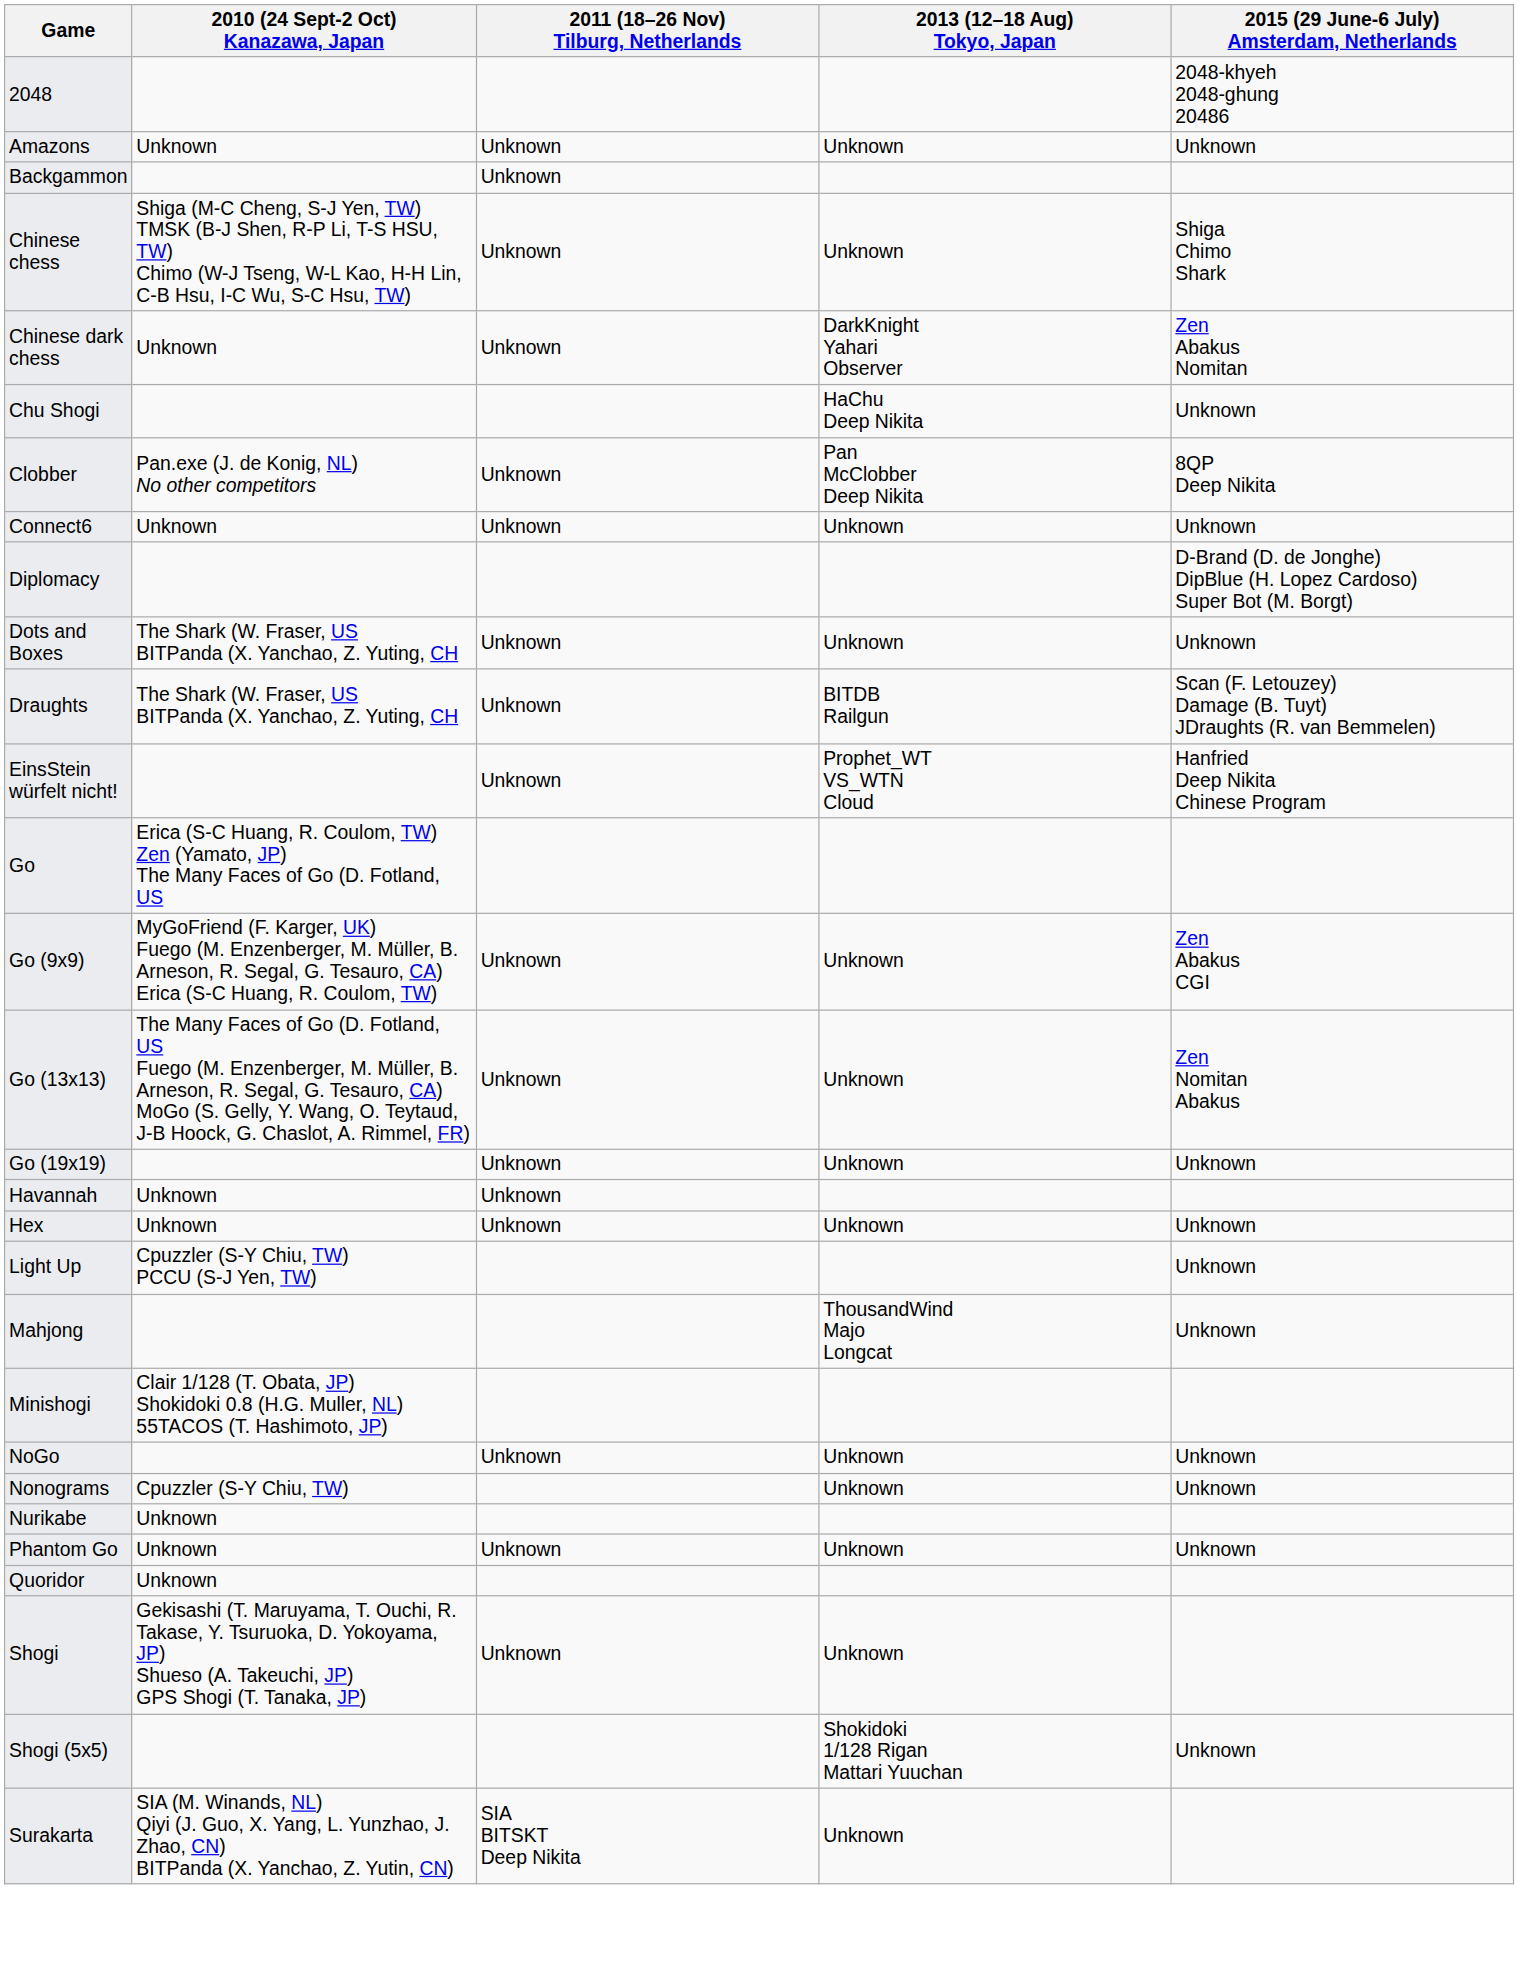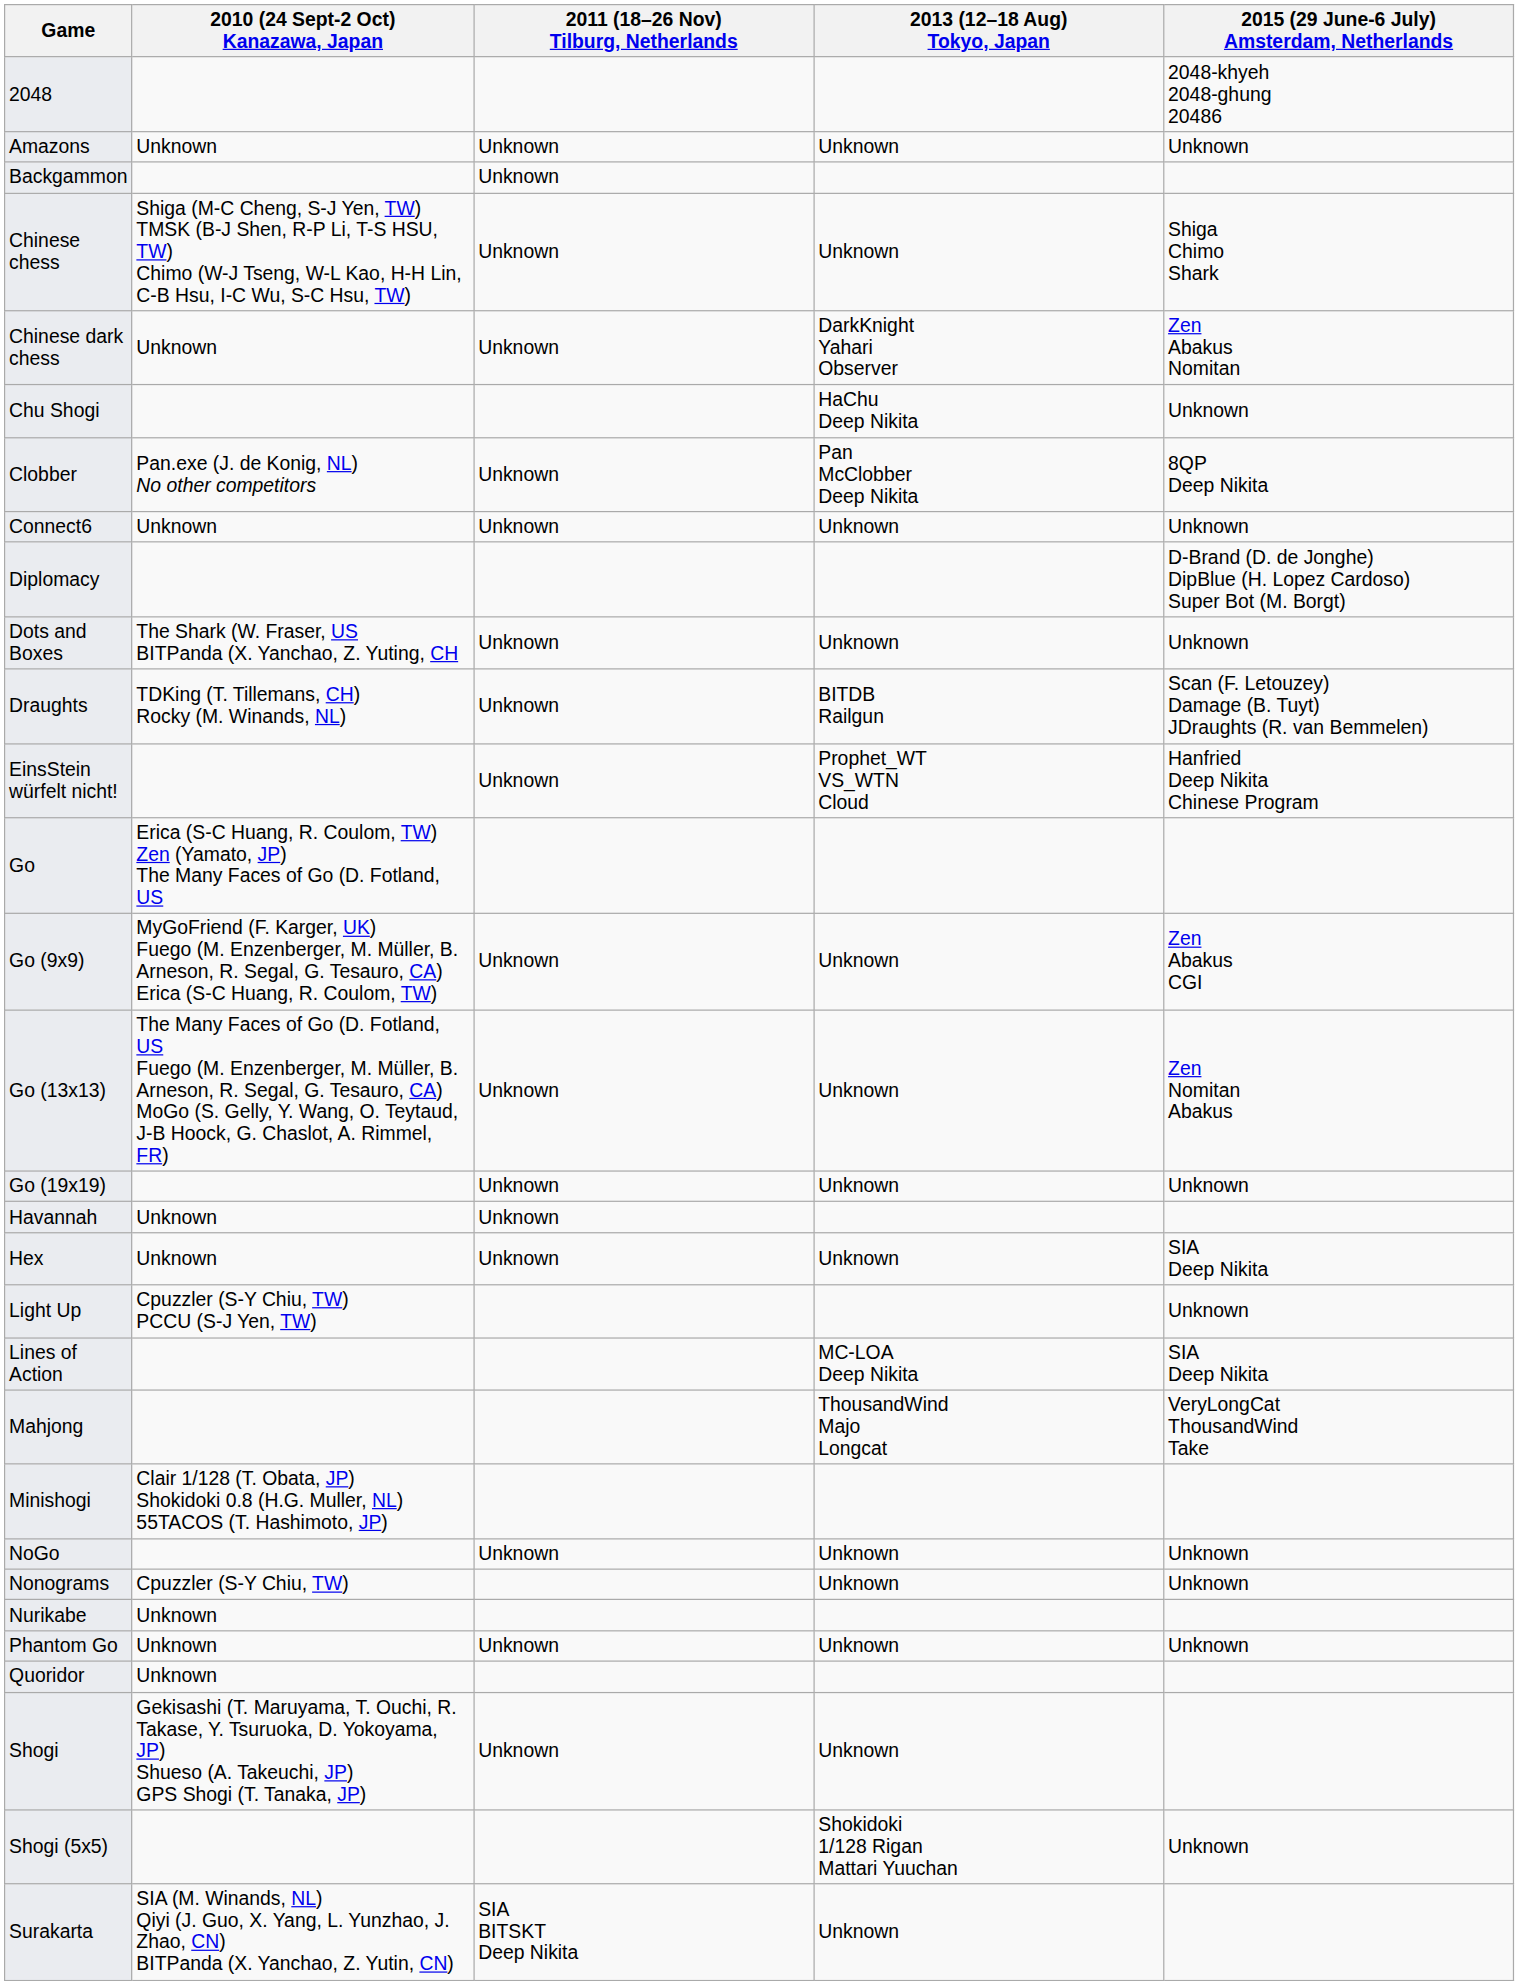 <table class="wikitable sortable">
 <tr>
 <th>Game</th>
 <th style=width:30em>2010 (24 Sept-2 Oct)<br><a href='#'>Kanazawa, Japan</a></th>
 <th style=width:30em>2011 (18–26 Nov)<br><a href='#'>Tilburg, Netherlands</a></th>
 <th style=width:30em>2013 (12–18 Aug)<br><a href='#'>Tokyo, Japan</a></th>
 <th style=width:30em>2015 (29 June-6 July)<br><a href='#'>Amsterdam, Netherlands</a></th>
 </tr>
 <tr>
 <td style="background:#EAECF0">2048</td>
 <td></td>
 <td></td>
 <td></td>
 <td> 2048-khyeh<br> 2048-ghung<br> 20486</td>
 </tr>
 <tr>
 <td style="background:#EAECF0">Amazons</td>
 <td>Unknown</td>
 <td>Unknown</td>
 <td>Unknown</td>
 <td>Unknown</td>
 </tr>
 <tr>
 <td style="background:#EAECF0">Backgammon</td>
 <td></td>
 <td>Unknown</td>
 <td></td>
 <td></td>
 </tr>
 <tr>
 <td style="background:#EAECF0">Chinese chess</td>
 <td> Shiga (M-C Cheng, S-J Yen, <a href='#'>TW</a>)<br> TMSK (B-J Shen, R-P Li, T-S HSU, <a href='#'>TW</a>)<br> Chimo (W-J Tseng, W-L Kao, H-H Lin, C-B Hsu, I-C Wu, S-C Hsu, <a href='#'>TW</a>)</td>
 <td>Unknown</td>
 <td>Unknown</td>
 <td> Shiga<br> Chimo<br> Shark</td>
 </tr>
 <tr>
 <td style="background:#EAECF0">Chinese dark chess</td>
 <td>Unknown</td>
 <td>Unknown</td>
 <td> DarkKnight<br> Yahari<br> Observer</td>
 <td> <a href='#'>Zen</a><br> Abakus<br> Nomitan</td>
 </tr>
 <tr>
 <td style="background:#EAECF0">Chu Shogi</td>
 <td></td>
 <td></td>
 <td> HaChu<br> Deep Nikita</td>
 <td>Unknown</td>
 </tr>
 <tr>
 <td style="background:#EAECF0">Clobber</td>
 <td> Pan.exe (J. de Konig, <a href='#'>NL</a>)<br><em>No other competitors</em></td>
 <td>Unknown</td>
 <td> Pan<br> McClobber<br> Deep Nikita</td>
 <td> 8QP<br> Deep Nikita</td>
 </tr>
 <tr>
 <td style="background:#EAECF0">Connect6</td>
 <td>Unknown</td>
 <td>Unknown</td>
 <td>Unknown</td>
 <td>Unknown</td>
 </tr>
 <tr>
 <td style="background:#EAECF0">Diplomacy</td>
 <td></td>
 <td></td>
 <td></td>
 <td> D-Brand (D. de Jonghe)<br> DipBlue (H. Lopez Cardoso)<br> Super Bot (M. Borgt)</td>
 </tr>
 <tr>
 <td style="background:#EAECF0">Dots and Boxes</td>
 <td> The Shark (W. Fraser, <a href='#'>US</a><br> BITPanda (X. Yanchao, Z. Yuting, <a href='#'>CH</a></td>
 <td>Unknown</td>
 <td>Unknown</td>
 <td>Unknown</td>
 </tr>
 <tr>
 <td style="background:#EAECF0">Draughts</td>
-<td> The Shark (W. Fraser, <a href='#'>US</a><br> BITPanda (X. Yanchao, Z. Yuting, <a href='#'>CH</a></td>
+<td> TDKing (T. Tillemans, <a href='#'>CH</a>)<br> Rocky (M. Winands, <a href='#'>NL</a>)</td>
 <td>Unknown</td>
 <td> BITDB<br> Railgun</td>
 <td> Scan (F. Letouzey)<br> Damage (B. Tuyt)<br> JDraughts (R. van Bemmelen)</td>
 </tr>
 <tr>
 <td style="background:#EAECF0">EinsStein würfelt nicht!</td>
 <td></td>
 <td>Unknown</td>
 <td> Prophet_WT<br> VS_WTN<br> Cloud</td>
 <td> Hanfried<br> Deep Nikita<br> Chinese Program</td>
 </tr>
 <tr>
 <td style="background:#EAECF0">Go</td>
 <td> Erica (S-C Huang, R. Coulom, <a href='#'>TW</a>)<br> <a href='#'>Zen</a> (Yamato, <a href='#'>JP</a>)<br> The Many Faces of Go (D. Fotland, <a href='#'>US</a></td>
 <td></td>
 <td></td>
 <td></td>
 </tr>
 <tr>
 <td style="background:#EAECF0">Go (9x9)</td>
 <td> MyGoFriend (F. Karger, <a href='#'>UK</a>)<br> Fuego (M. Enzenberger, M. Müller, B. Arneson, R. Segal, G. Tesauro, <a href='#'>CA</a>)<br> Erica (S-C Huang, R. Coulom, <a href='#'>TW</a>)</td>
 <td>Unknown</td>
 <td>Unknown</td>
 <td> <a href='#'>Zen</a><br> Abakus<br> CGI</td>
 </tr>
 <tr>
 <td style="background:#EAECF0">Go (13x13)</td>
 <td> The Many Faces of Go (D. Fotland, <a href='#'>US</a><br> Fuego (M. Enzenberger, M. Müller, B. Arneson, R. Segal, G. Tesauro, <a href='#'>CA</a>)<br> MoGo (S. Gelly, Y. Wang, O. Teytaud, J-B Hoock, G. Chaslot, A. Rimmel, <a href='#'>FR</a>)</td>
 <td>Unknown</td>
 <td>Unknown</td>
 <td> <a href='#'>Zen</a><br> Nomitan<br> Abakus</td>
 </tr>
 <tr>
 <td style="background:#EAECF0">Go (19x19)</td>
 <td></td>
 <td>Unknown</td>
 <td>Unknown</td>
 <td>Unknown</td>
 </tr>
 <tr>
 <td style="background:#EAECF0">Havannah</td>
 <td>Unknown</td>
 <td>Unknown</td>
 <td></td>
 <td></td>
 </tr>
 <tr>
 <td style="background:#EAECF0">Hex</td>
 <td>Unknown</td>
 <td>Unknown</td>
 <td>Unknown</td>
-<td>Unknown</td>
+<td> SIA<br> Deep Nikita</td>
 </tr>
 <tr>
 <td style="background:#EAECF0">Light Up</td>
 <td> Cpuzzler (S-Y Chiu, <a href='#'>TW</a>)<br> PCCU (S-J Yen, <a href='#'>TW</a>)</td>
 <td></td>
 <td></td>
 <td>Unknown</td>
 </tr>
 <tr>
+<td style="background:#EAECF0">Lines of Action</td>
+<td></td>
+<td></td>
+<td> MC-LOA<br> Deep Nikita</td>
+<td> SIA<br> Deep Nikita</td>
+</tr>
+<tr>
 <td style="background:#EAECF0">Mahjong</td>
 <td></td>
 <td></td>
 <td> ThousandWind<br> Majo<br> Longcat</td>
-<td>Unknown</td>
+<td> VeryLongCat<br> ThousandWind<br> Take</td>
 </tr>
 <tr>
 <td style="background:#EAECF0">Minishogi</td>
 <td> Clair 1/128 (T. Obata, <a href='#'>JP</a>)<br> Shokidoki 0.8 (H.G. Muller, <a href='#'>NL</a>)<br> 55TACOS (T. Hashimoto, <a href='#'>JP</a>)</td>
 <td></td>
 <td></td>
 <td></td>
 </tr>
 <tr>
 <td style="background: #EAECF0">NoGo</td>
 <td></td>
 <td>Unknown</td>
 <td>Unknown</td>
 <td>Unknown</td>
 </tr>
 <tr>
 <td style="background:#EAECF0">Nonograms</td>
 <td> Cpuzzler (S-Y Chiu, <a href='#'>TW</a>)</td>
 <td></td>
 <td>Unknown</td>
 <td>Unknown</td>
 </tr>
 <tr>
 <td style="background:#EAECF0">Nurikabe</td>
 <td>Unknown</td>
 <td></td>
 <td></td>
 <td></td>
 </tr>
 <tr>
 <td style="background:#EAECF0">Phantom Go</td>
 <td>Unknown</td>
 <td>Unknown</td>
 <td>Unknown</td>
 <td>Unknown</td>
 </tr>
 <tr>
 <td style="background:#EAECF0">Quoridor</td>
 <td>Unknown</td>
 <td></td>
 <td></td>
 <td></td>
 </tr>
 <tr>
 <td style="background:#EAECF0">Shogi</td>
 <td> Gekisashi (T. Maruyama, T. Ouchi, R. Takase, Y. Tsuruoka, D. Yokoyama, <a href='#'>JP</a>)<br> Shueso (A. Takeuchi, <a href='#'>JP</a>)<br> GPS Shogi (T. Tanaka, <a href='#'>JP</a>)</td>
 <td>Unknown</td>
 <td>Unknown</td>
 </tr>
 <tr>
 <td style="background:#EAECF0">Shogi (5x5)</td>
 <td></td>
 <td></td>
 <td> Shokidoki<br> 1/128 Rigan<br> Mattari Yuuchan</td>
 <td>Unknown</td>
 </tr>
 <tr>
 <td style="background:#EAECF0">Surakarta</td>
 <td> SIA (M. Winands, <a href='#'>NL</a>)<br> Qiyi (J. Guo, X. Yang, L. Yunzhao, J. Zhao, <a href='#'>CN</a>)<br> BITPanda (X. Yanchao, Z. Yutin, <a href='#'>CN</a>)</td>
 <td> SIA<br> BITSKT<br> Deep Nikita</td>
 <td>Unknown</td>
 </tr>
 </table>
